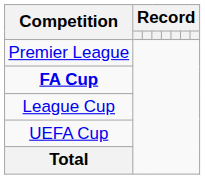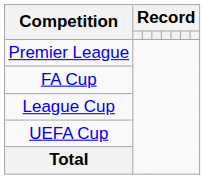 <table class="wikitable" style="text-align: center">
 <tr>
 <th rowspan=2>Competition</th>
 <th colspan=7>Record</th>
 </tr>
 <tr>
 <th></th>
 <th></th>
 <th></th>
 <th></th>
 <th></th>
 <th></th>
 <th></th>
 </tr>
 <tr>
 <td><a href='#'>Premier League</a><br></td>
 </tr>
 <tr>
-<td><strong><a href='#'>FA Cup</a><br></strong></td>
+<td><a href='#'>FA Cup</a><br></td>
 </tr>
 <tr>
 <td><a href='#'>League Cup</a><br></td>
 </tr>
 <tr>
 <td><a href='#'>UEFA Cup</a><br></td>
 </tr>
 <tr>
 <th>Total<br></th>
 </tr>
 </table>
